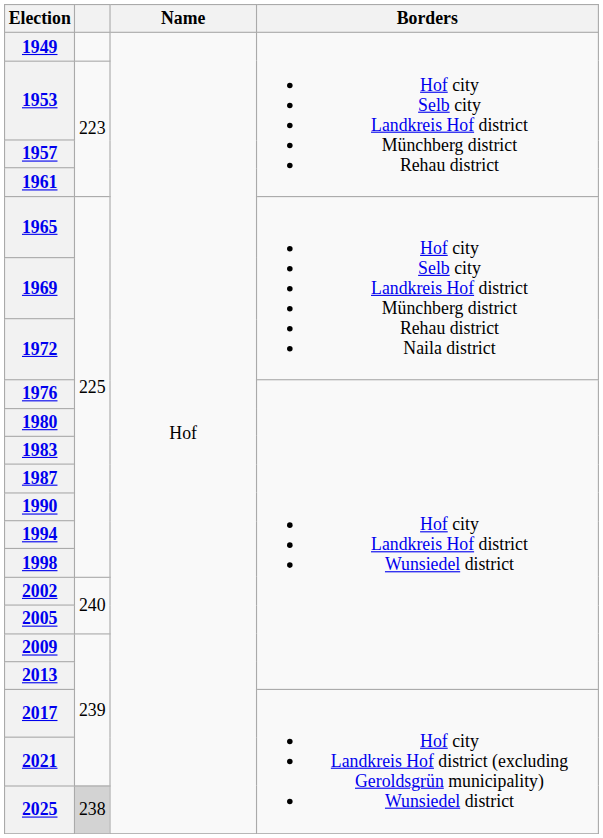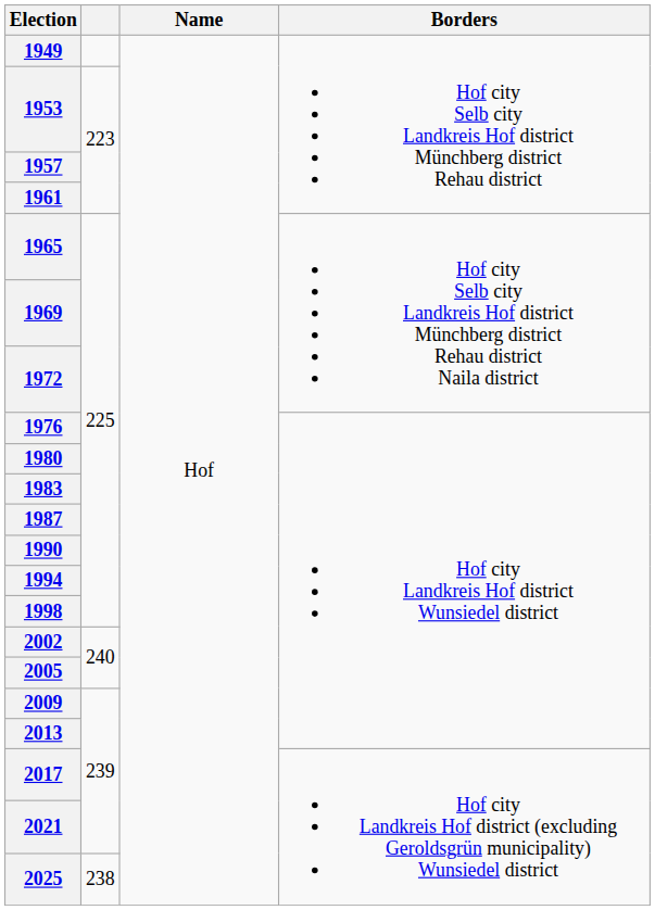 <table class=wikitable style="text-align:center">
 <tr>
 <th>Election</th>
 <th></th>
 <th width=125px>Name</th>
 <th width=300px>Borders</th>
 </tr>
 <tr>
 <th><a href='#'>1949</a></th>
 <td></td>
 <td rowspan=21>Hof</td>
 <td rowspan=4><br><ul><li><a href='#'>Hof</a> city</li><li><a href='#'>Selb</a> city</li><li><a href='#'>Landkreis Hof</a> district</li><li>Münchberg district</li><li>Rehau district</li></ul></td>
 </tr>
 <tr>
 <th><a href='#'>1953</a></th>
 <td rowspan=3>223</td>
 </tr>
 <tr>
 <th><a href='#'>1957</a></th>
 </tr>
 <tr>
 <th><a href='#'>1961</a></th>
 </tr>
 <tr>
 <th><a href='#'>1965</a></th>
 <td rowspan=10>225</td>
 <td rowspan=3><br><ul><li><a href='#'>Hof</a> city</li><li><a href='#'>Selb</a> city</li><li><a href='#'>Landkreis Hof</a> district</li><li>Münchberg district</li><li>Rehau district</li><li>Naila district</li></ul></td>
 </tr>
 <tr>
 <th><a href='#'>1969</a></th>
 </tr>
 <tr>
 <th><a href='#'>1972</a></th>
 </tr>
 <tr>
 <th><a href='#'>1976</a></th>
 <td rowspan=11><br><ul><li><a href='#'>Hof</a> city</li><li><a href='#'>Landkreis Hof</a> district</li><li><a href='#'>Wunsiedel</a> district</li></ul></td>
 </tr>
 <tr>
 <th><a href='#'>1980</a></th>
 </tr>
 <tr>
 <th><a href='#'>1983</a></th>
 </tr>
 <tr>
 <th><a href='#'>1987</a></th>
 </tr>
 <tr>
 <th><a href='#'>1990</a></th>
 </tr>
 <tr>
 <th><a href='#'>1994</a></th>
 </tr>
 <tr>
 <th><a href='#'>1998</a></th>
 </tr>
 <tr>
 <th><a href='#'>2002</a></th>
 <td rowspan=2>240</td>
 </tr>
 <tr>
 <th><a href='#'>2005</a></th>
 </tr>
 <tr>
 <th><a href='#'>2009</a></th>
 <td rowspan=4>239</td>
 </tr>
 <tr>
 <th><a href='#'>2013</a></th>
 </tr>
 <tr>
 <th><a href='#'>2017</a></th>
 <td rowspan=3><br><ul><li><a href='#'>Hof</a> city</li><li><a href='#'>Landkreis Hof</a> district (excluding <a href='#'>Geroldsgrün</a> municipality)</li><li><a href='#'>Wunsiedel</a> district</li></ul></td>
 </tr>
 <tr>
 <th><a href='#'>2021</a></th>
 </tr>
 <tr>
 <th><a href='#'>2025</a></th>
-<td style="background: lightgrey;">238</td>
+<td>238</td>
 </tr>
 </table>
